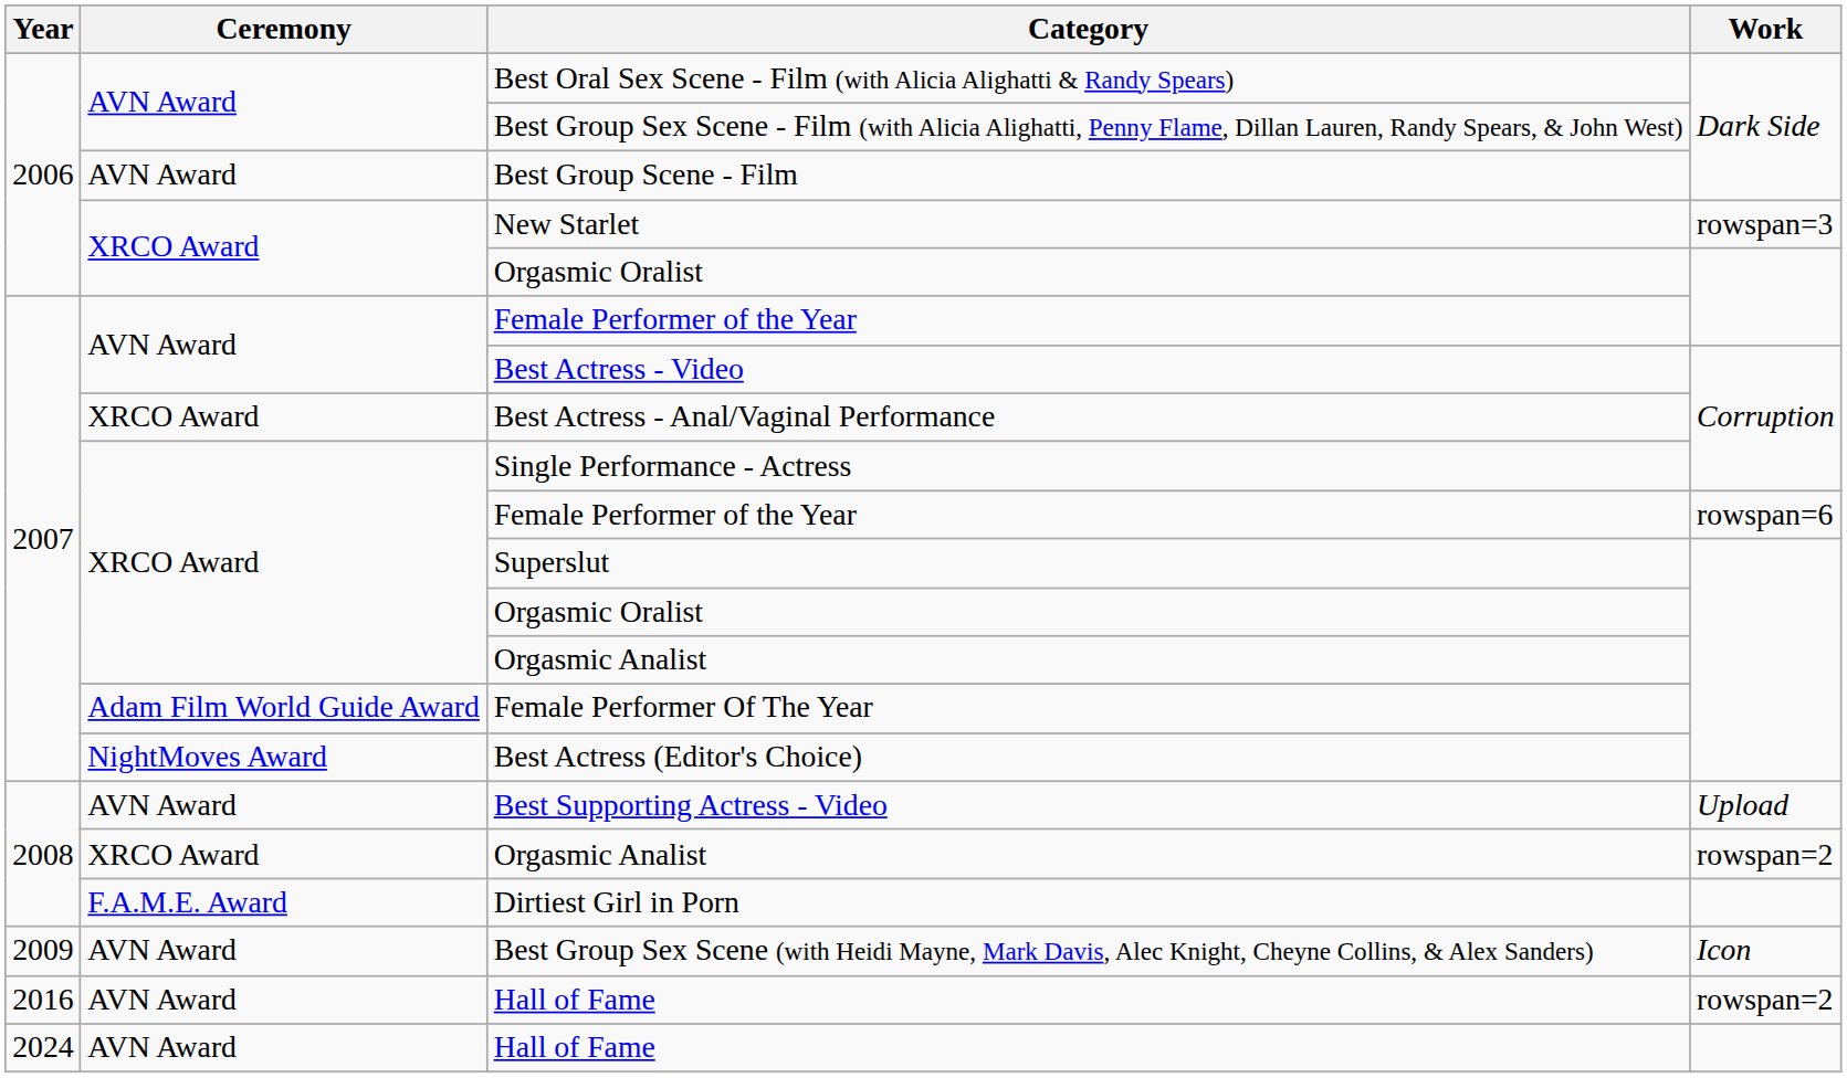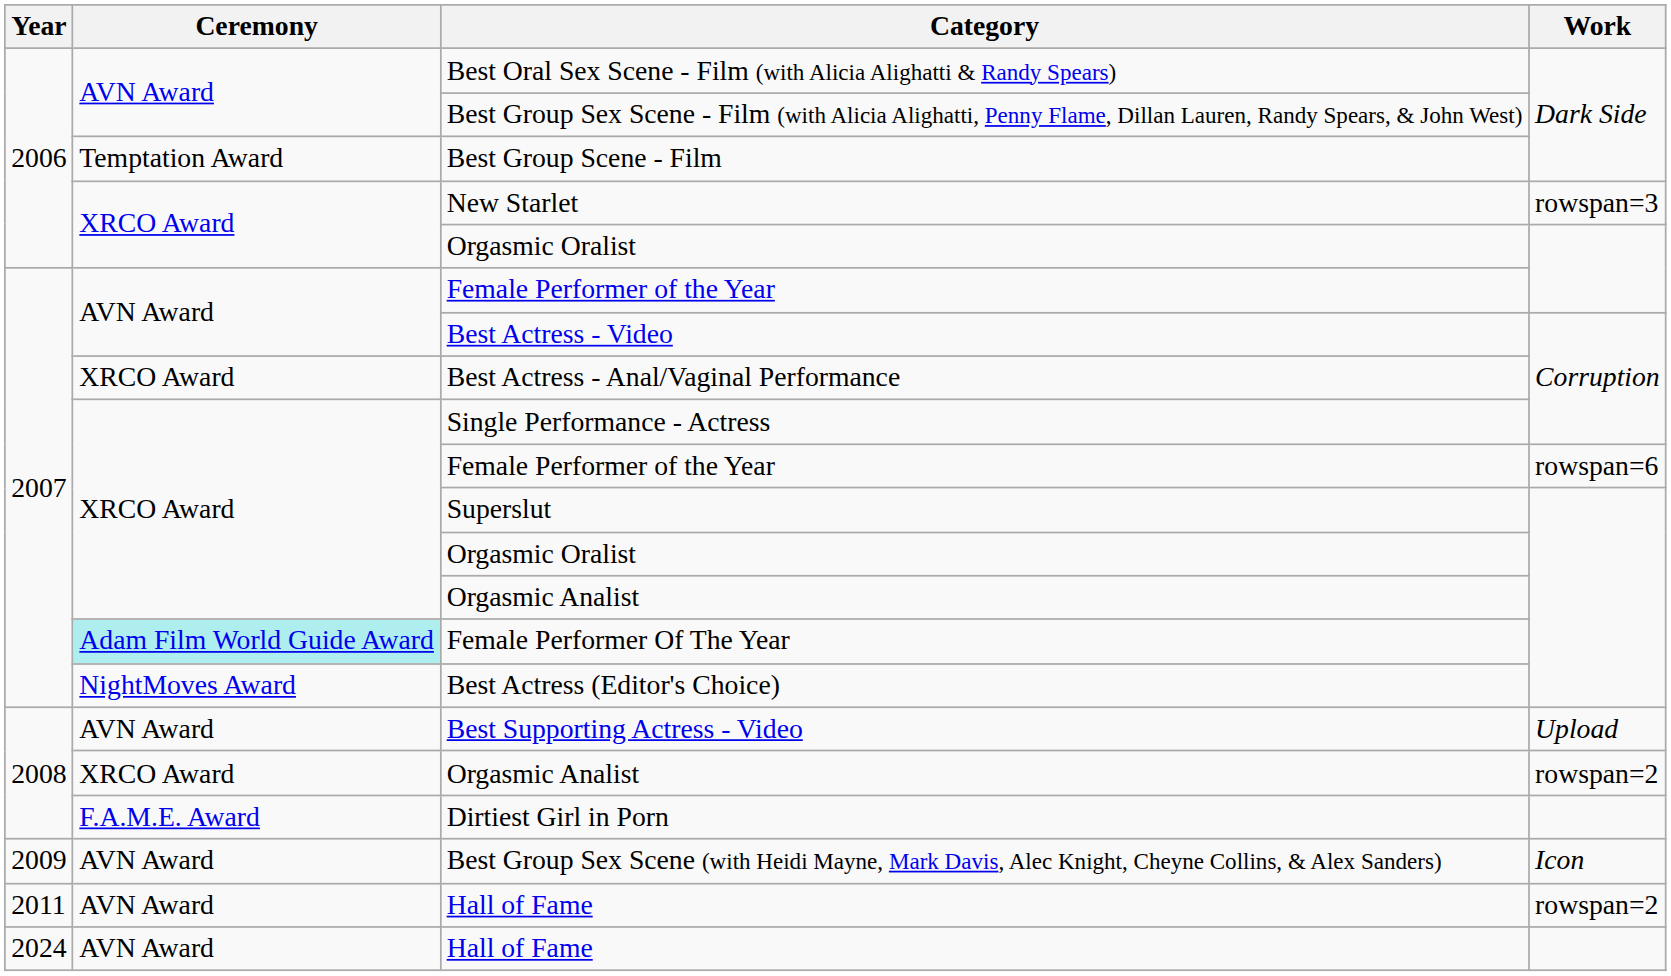 <table class="wikitable sortable">
 <tr>
 <th>Year</th>
 <th>Ceremony</th>
 <th>Category</th>
 <th>Work</th>
 </tr>
 <tr>
 <td rowspan=5>2006</td>
 <td rowspan=2><a href='#'>AVN Award</a></td>
 <td>Best Oral Sex Scene - Film <small>(with Alicia Alighatti & <a href='#'>Randy Spears</a>)</small></td>
 <td rowspan=3><em>Dark Side</em></td>
 </tr>
 <tr>
 <td>Best Group Sex Scene - Film <small>(with Alicia Alighatti, <a href='#'>Penny Flame</a>, Dillan Lauren, Randy Spears, & John West)</small></td>
 </tr>
 <tr>
-<td>AVN Award</td>
+<td>Temptation Award</td>
 <td>Best Group Scene - Film</td>
 </tr>
 <tr>
 <td rowspan=2><a href='#'>XRCO Award</a></td>
 <td>New Starlet</td>
 <td>rowspan=3 </td>
 </tr>
 <tr>
 <td>Orgasmic Oralist</td>
 </tr>
 <tr>
 <td rowspan=10>2007</td>
 <td rowspan=2>AVN Award</td>
 <td><a href='#'>Female Performer of the Year</a></td>
 </tr>
 <tr>
 <td><a href='#'>Best Actress - Video</a></td>
 <td rowspan=3><em>Corruption</em></td>
 </tr>
 <tr>
 <td>XRCO Award</td>
 <td>Best Actress - Anal/Vaginal Performance</td>
 </tr>
 <tr>
 <td rowspan=5>XRCO Award</td>
 <td>Single Performance - Actress</td>
 </tr>
 <tr>
 <td>Female Performer of the Year</td>
 <td>rowspan=6 </td>
 </tr>
 <tr>
 <td>Superslut</td>
 </tr>
 <tr>
 <td>Orgasmic Oralist</td>
 </tr>
 <tr>
 <td>Orgasmic Analist</td>
 </tr>
 <tr>
-<td><a href='#'>Adam Film World Guide Award</a></td>
+<td style="background: paleturquoise;"><a href='#'>Adam Film World Guide Award</a></td>
 <td>Female Performer Of The Year</td>
 </tr>
 <tr>
 <td><a href='#'>NightMoves Award</a></td>
 <td>Best Actress (Editor's Choice)</td>
 </tr>
 <tr>
 <td rowspan=3>2008</td>
 <td>AVN Award</td>
 <td><a href='#'>Best Supporting Actress - Video</a></td>
 <td><em>Upload</em></td>
 </tr>
 <tr>
 <td>XRCO Award</td>
 <td>Orgasmic Analist</td>
 <td>rowspan=2 </td>
 </tr>
 <tr>
 <td><a href='#'>F.A.M.E. Award</a></td>
 <td>Dirtiest Girl in Porn</td>
 </tr>
 <tr>
 <td>2009</td>
 <td>AVN Award</td>
 <td>Best Group Sex Scene <small>(with Heidi Mayne, <a href='#'>Mark Davis</a>, Alec Knight, Cheyne Collins, & Alex Sanders)</small></td>
 <td><em>Icon</em></td>
 </tr>
 <tr>
-<td>2016</td>
+<td>2011</td>
 <td>AVN Award</td>
 <td><a href='#'>Hall of Fame</a></td>
 <td>rowspan=2 </td>
 </tr>
 <tr>
 <td>2024</td>
 <td>AVN Award</td>
 <td><a href='#'>Hall of Fame</a></td>
 </tr>
 </table>
